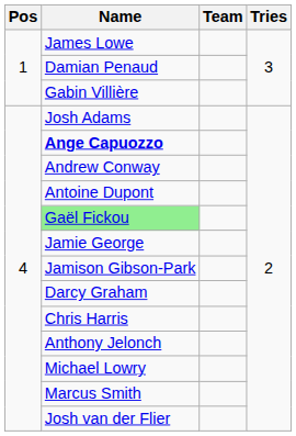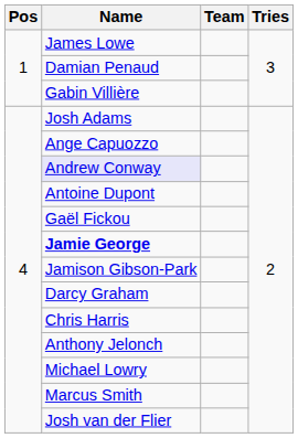 <table class="wikitable" style="text-align:center">
 <tr>
 <th>Pos</th>
 <th>Name</th>
 <th>Team</th>
 <th>Tries</th>
 </tr>
 <tr>
 <td rowspan="3">1</td>
 <td align="left"><a href='#'>James Lowe</a></td>
 <td align="left"></td>
 <td rowspan="3">3</td>
 </tr>
 <tr>
 <td align="left"><a href='#'>Damian Penaud</a></td>
 <td align="left"></td>
 </tr>
 <tr>
 <td align="left"><a href='#'>Gabin Villière</a></td>
 <td align="left"></td>
 </tr>
 <tr>
 <td rowspan="13">4</td>
 <td align="left"><a href='#'>Josh Adams</a></td>
 <td align="left"></td>
 <td rowspan="13">2</td>
 </tr>
 <tr>
-<td align="left"><strong><a href='#'>Ange Capuozzo</a></strong></td>
+<td align="left"><a href='#'>Ange Capuozzo</a></td>
 <td align="left"></td>
 </tr>
 <tr>
-<td align="left"><a href='#'>Andrew Conway</a></td>
+<td align="left" style="background: lavender;"><a href='#'>Andrew Conway</a></td>
 <td align="left"></td>
 </tr>
 <tr>
 <td align="left"><a href='#'>Antoine Dupont</a></td>
 <td align="left"></td>
 </tr>
 <tr>
-<td align="left" style="background: lightgreen;"><a href='#'>Gaël Fickou</a></td>
+<td align="left"><a href='#'>Gaël Fickou</a></td>
 <td align="left"></td>
 </tr>
 <tr>
-<td align="left"><a href='#'>Jamie George</a></td>
+<td align="left"><strong><a href='#'>Jamie George</a></strong></td>
 <td align="left"></td>
 </tr>
 <tr>
 <td align="left"><a href='#'>Jamison Gibson-Park</a></td>
 <td align="left"></td>
 </tr>
 <tr>
 <td align="left"><a href='#'>Darcy Graham</a></td>
 <td align="left"></td>
 </tr>
 <tr>
 <td align="left"><a href='#'>Chris Harris</a></td>
 <td align="left"></td>
 </tr>
 <tr>
 <td align="left"><a href='#'>Anthony Jelonch</a></td>
 <td align="left"></td>
 </tr>
 <tr>
 <td align="left"><a href='#'>Michael Lowry</a></td>
 <td align="left"></td>
 </tr>
 <tr>
 <td align="left"><a href='#'>Marcus Smith</a></td>
 <td align="left"></td>
 </tr>
 <tr>
 <td align="left"><a href='#'>Josh van der Flier</a></td>
 <td align="left"></td>
 </tr>
 </table>
